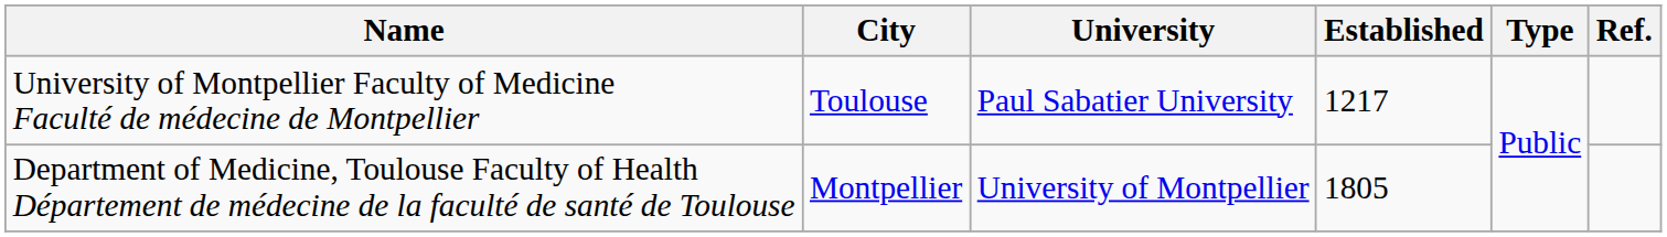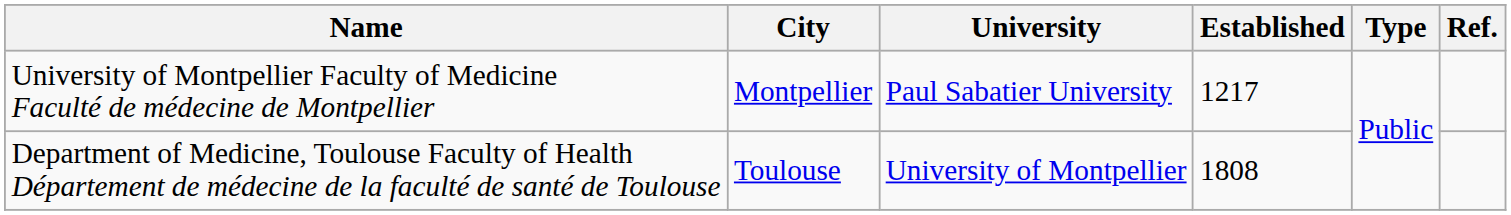 <table class="wikitable">
 <tr>
 <th>Name</th>
 <th>City</th>
 <th>University</th>
 <th>Established</th>
 <th>Type</th>
 <th>Ref.</th>
 </tr>
 <tr>
 <td>University of Montpellier Faculty of Medicine<br><em>Faculté de médecine de Montpellier</em></td>
-<td><a href='#'>Toulouse</a></td>
+<td><a href='#'>Montpellier</a></td>
 <td><a href='#'>Paul Sabatier University</a></td>
 <td>1217</td>
 <td rowspan="2"><a href='#'>Public</a></td>
 <td></td>
 </tr>
 <tr>
 <td>Department of Medicine, Toulouse Faculty of Health<br><em>Département de médecine de la faculté de santé de Toulouse</em></td>
-<td><a href='#'>Montpellier</a></td>
+<td><a href='#'>Toulouse</a></td>
 <td><a href='#'>University of Montpellier</a></td>
-<td>1805</td>
+<td>1808</td>
 <td></td>
 </tr>
 </table>
